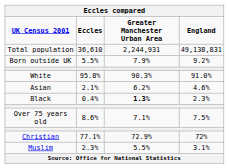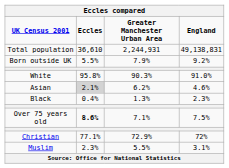 <table class="wikitable" id="toc" style="float: left; margin-left: 2em; width: 40%; font-size: 85%; text-align:center" cellspacing="3">
 <tr>
 <th colspan="4"><strong>Eccles compared</strong></th>
 </tr>
 <tr>
 <td><strong><a href='#'>UK Census 2001</a></strong></td>
 <td><strong>Eccles</strong></td>
 <td><strong>Greater Manchester<br>Urban Area</strong></td>
 <td><strong>England</strong></td>
 </tr>
 <tr>
 <td>Total population</td>
 <td>36,610</td>
 <td>2,244,931</td>
 <td>49,138,831</td>
 </tr>
 <tr>
 <td>Born outside UK</td>
 <td>5.5%</td>
 <td>7.9%</td>
 <td>9.2%</td>
 </tr>
 <tr>
 <th colspan="4"></th>
 </tr>
 <tr>
 <td>White</td>
 <td>95.8%</td>
 <td>90.3%</td>
 <td>91.0%</td>
 </tr>
 <tr>
 <td>Asian</td>
-<td>2.1%</td>
+<td style="background: lightgrey;">2.1%</td>
 <td>6.2%</td>
 <td>4.6%</td>
 </tr>
 <tr>
 <td>Black</td>
 <td>0.4%</td>
-<td><strong>1.3%</strong></td>
+<td>1.3%</td>
 <td>2.3%</td>
 </tr>
 <tr>
 <th colspan="4"></th>
 </tr>
 <tr>
 <td>Over 75 years old</td>
-<td>8.6%</td>
+<td><strong>8.6%</strong></td>
 <td>7.1%</td>
 <td>7.5%</td>
 </tr>
 <tr>
 <th colspan="4"></th>
 </tr>
 <tr>
 <td><a href='#'>Christian</a></td>
 <td>77.1%</td>
 <td>72.9%</td>
 <td>72%</td>
 </tr>
 <tr>
 <td><a href='#'>Muslim</a></td>
 <td>2.3%</td>
 <td>5.5%</td>
 <td>3.1%</td>
 </tr>
 <tr>
 <th colspan="5" style="font-size:85%;">Source: Office for National Statistics</th>
 </tr>
 </table>
